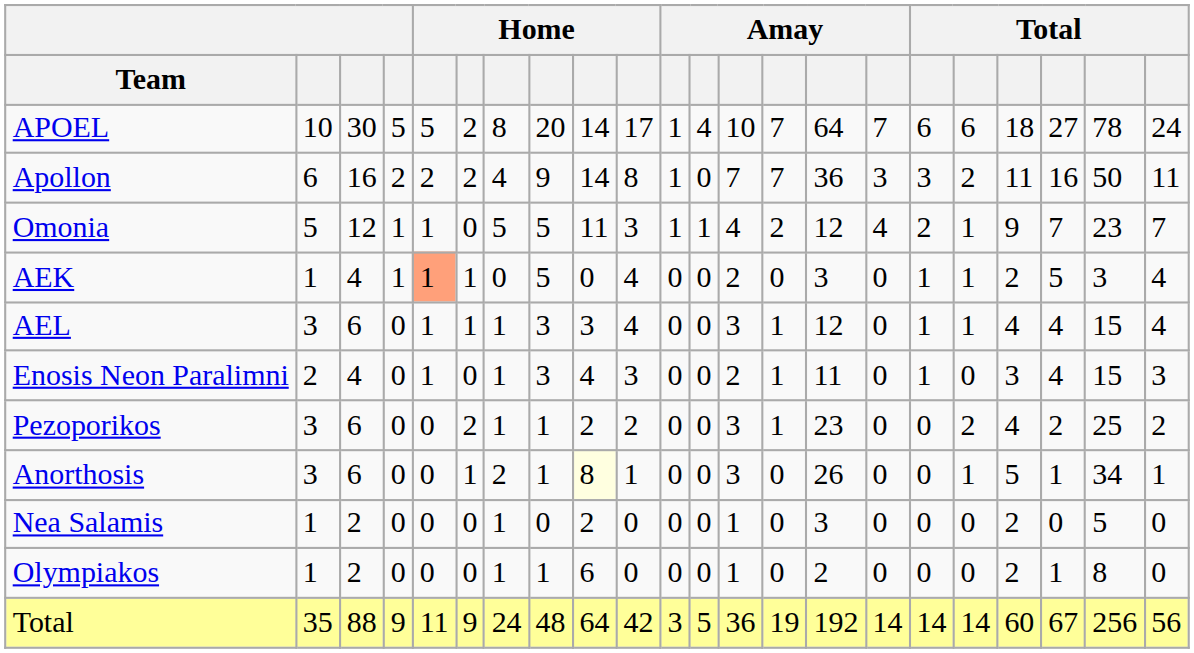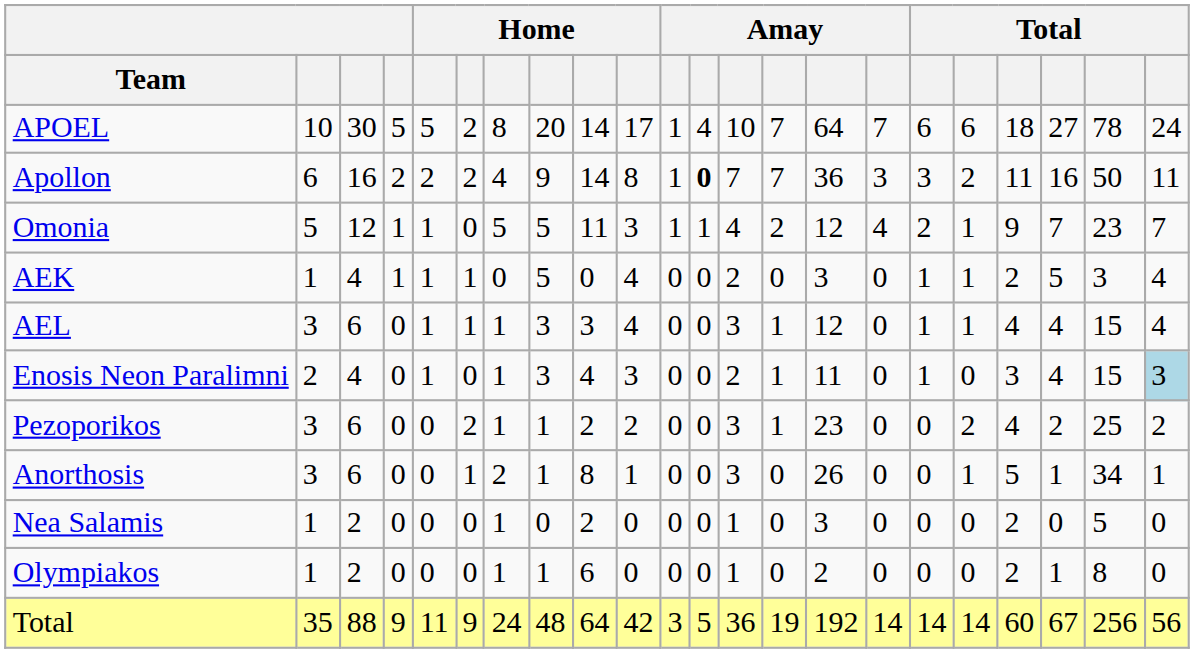 <table class="wikitable sortable" style="margin:1em auto; font-size:90%;">
 <tr>
 <th colspan=4></th>
 <th colspan=6>Home</th>
 <th colspan=6>Amay</th>
 <th colspan=6>Total</th>
 </tr>
 <tr>
 <th>Team</th>
 <th></th>
 <th></th>
 <th></th>
 <th></th>
 <th></th>
 <th></th>
 <th></th>
 <th></th>
 <th></th>
 <th></th>
 <th></th>
 <th></th>
 <th></th>
 <th></th>
 <th></th>
 <th></th>
 <th></th>
 <th></th>
 <th></th>
 <th></th>
 <th></th>
 </tr>
 <tr>
 <td><a href='#'>APOEL</a></td>
 <td>10</td>
 <td>30</td>
 <td>5</td>
 <td>5</td>
 <td>2</td>
 <td>8</td>
 <td>20</td>
 <td>14</td>
 <td>17</td>
 <td>1</td>
 <td>4</td>
 <td>10</td>
 <td>7</td>
 <td>64</td>
 <td>7</td>
 <td>6</td>
 <td>6</td>
 <td>18</td>
 <td>27</td>
 <td>78</td>
 <td>24</td>
 </tr>
 <tr>
 <td><a href='#'>Apollon</a></td>
 <td>6</td>
 <td>16</td>
 <td>2</td>
 <td>2</td>
 <td>2</td>
 <td>4</td>
 <td>9</td>
 <td>14</td>
 <td>8</td>
 <td>1</td>
-<td>0</td>
+<td><strong>0</strong></td>
 <td>7</td>
 <td>7</td>
 <td>36</td>
 <td>3</td>
 <td>3</td>
 <td>2</td>
 <td>11</td>
 <td>16</td>
 <td>50</td>
 <td>11</td>
 </tr>
 <tr>
 <td><a href='#'>Omonia</a></td>
 <td>5</td>
 <td>12</td>
 <td>1</td>
 <td>1</td>
 <td>0</td>
 <td>5</td>
 <td>5</td>
 <td>11</td>
 <td>3</td>
 <td>1</td>
 <td>1</td>
 <td>4</td>
 <td>2</td>
 <td>12</td>
 <td>4</td>
 <td>2</td>
 <td>1</td>
 <td>9</td>
 <td>7</td>
 <td>23</td>
 <td>7</td>
 </tr>
 <tr>
 <td><a href='#'>AEK</a></td>
 <td>1</td>
 <td>4</td>
 <td>1</td>
-<td style="background: lightsalmon;">1</td>
+<td>1</td>
 <td>1</td>
 <td>0</td>
 <td>5</td>
 <td>0</td>
 <td>4</td>
 <td>0</td>
 <td>0</td>
 <td>2</td>
 <td>0</td>
 <td>3</td>
 <td>0</td>
 <td>1</td>
 <td>1</td>
 <td>2</td>
 <td>5</td>
 <td>3</td>
 <td>4</td>
 </tr>
 <tr>
 <td><a href='#'>AEL</a></td>
 <td>3</td>
 <td>6</td>
 <td>0</td>
 <td>1</td>
 <td>1</td>
 <td>1</td>
 <td>3</td>
 <td>3</td>
 <td>4</td>
 <td>0</td>
 <td>0</td>
 <td>3</td>
 <td>1</td>
 <td>12</td>
 <td>0</td>
 <td>1</td>
 <td>1</td>
 <td>4</td>
 <td>4</td>
 <td>15</td>
 <td>4</td>
 </tr>
 <tr>
 <td><a href='#'>Enosis Neon Paralimni</a></td>
 <td>2</td>
 <td>4</td>
 <td>0</td>
 <td>1</td>
 <td>0</td>
 <td>1</td>
 <td>3</td>
 <td>4</td>
 <td>3</td>
 <td>0</td>
 <td>0</td>
 <td>2</td>
 <td>1</td>
 <td>11</td>
 <td>0</td>
 <td>1</td>
 <td>0</td>
 <td>3</td>
 <td>4</td>
 <td>15</td>
-<td>3</td>
+<td style="background: lightblue;">3</td>
 </tr>
 <tr>
 <td><a href='#'>Pezoporikos</a></td>
 <td>3</td>
 <td>6</td>
 <td>0</td>
 <td>0</td>
 <td>2</td>
 <td>1</td>
 <td>1</td>
 <td>2</td>
 <td>2</td>
 <td>0</td>
 <td>0</td>
 <td>3</td>
 <td>1</td>
 <td>23</td>
 <td>0</td>
 <td>0</td>
 <td>2</td>
 <td>4</td>
 <td>2</td>
 <td>25</td>
 <td>2</td>
 </tr>
 <tr>
 <td><a href='#'>Anorthosis</a></td>
 <td>3</td>
 <td>6</td>
 <td>0</td>
 <td>0</td>
 <td>1</td>
 <td>2</td>
 <td>1</td>
-<td style="background: lightyellow;">8</td>
+<td>8</td>
 <td>1</td>
 <td>0</td>
 <td>0</td>
 <td>3</td>
 <td>0</td>
 <td>26</td>
 <td>0</td>
 <td>0</td>
 <td>1</td>
 <td>5</td>
 <td>1</td>
 <td>34</td>
 <td>1</td>
 </tr>
 <tr>
 <td><a href='#'>Nea Salamis</a></td>
 <td>1</td>
 <td>2</td>
 <td>0</td>
 <td>0</td>
 <td>0</td>
 <td>1</td>
 <td>0</td>
 <td>2</td>
 <td>0</td>
 <td>0</td>
 <td>0</td>
 <td>1</td>
 <td>0</td>
 <td>3</td>
 <td>0</td>
 <td>0</td>
 <td>0</td>
 <td>2</td>
 <td>0</td>
 <td>5</td>
 <td>0</td>
 </tr>
 <tr>
 <td><a href='#'>Olympiakos</a></td>
 <td>1</td>
 <td>2</td>
 <td>0</td>
 <td>0</td>
 <td>0</td>
 <td>1</td>
 <td>1</td>
 <td>6</td>
 <td>0</td>
 <td>0</td>
 <td>0</td>
 <td>1</td>
 <td>0</td>
 <td>2</td>
 <td>0</td>
 <td>0</td>
 <td>0</td>
 <td>2</td>
 <td>1</td>
 <td>8</td>
 <td>0</td>
 </tr>
 <tr style="background:#ff9;">
 <td>Total</td>
 <td>35</td>
 <td>88</td>
 <td>9</td>
 <td>11</td>
 <td>9</td>
 <td>24</td>
 <td>48</td>
 <td>64</td>
 <td>42</td>
 <td>3</td>
 <td>5</td>
 <td>36</td>
 <td>19</td>
 <td>192</td>
 <td>14</td>
 <td>14</td>
 <td>14</td>
 <td>60</td>
 <td>67</td>
 <td>256</td>
 <td>56</td>
 </tr>
 </table>
